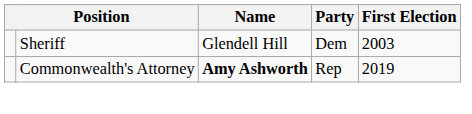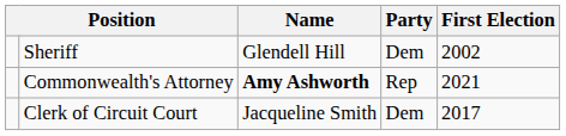 <table class=wikitable>
 <tr>
 <th colspan=2 align=center valign=bottom>Position</th>
 <th style="text-align:center;">Name</th>
 <th valign=bottom>Party</th>
 <th valign=bottom>First Election</th>
 </tr>
 <tr>
 <td style="background-color:"> </td>
 <td>Sheriff</td>
 <td>Glendell Hill</td>
 <td>Dem</td>
-<td>2003</td>
+<td>2002</td>
 </tr>
 <tr>
 <td style="background-color:"> </td>
 <td>Commonwealth's Attorney</td>
 <td><strong>Amy Ashworth</strong></td>
 <td>Rep</td>
-<td>2019</td>
+<td>2021</td>
+</tr>
+<tr>
+<td style="background-color:"> </td>
+<td>Clerk of Circuit Court</td>
+<td>Jacqueline Smith</td>
+<td>Dem</td>
+<td>2017</td>
 </tr>
 </table>
